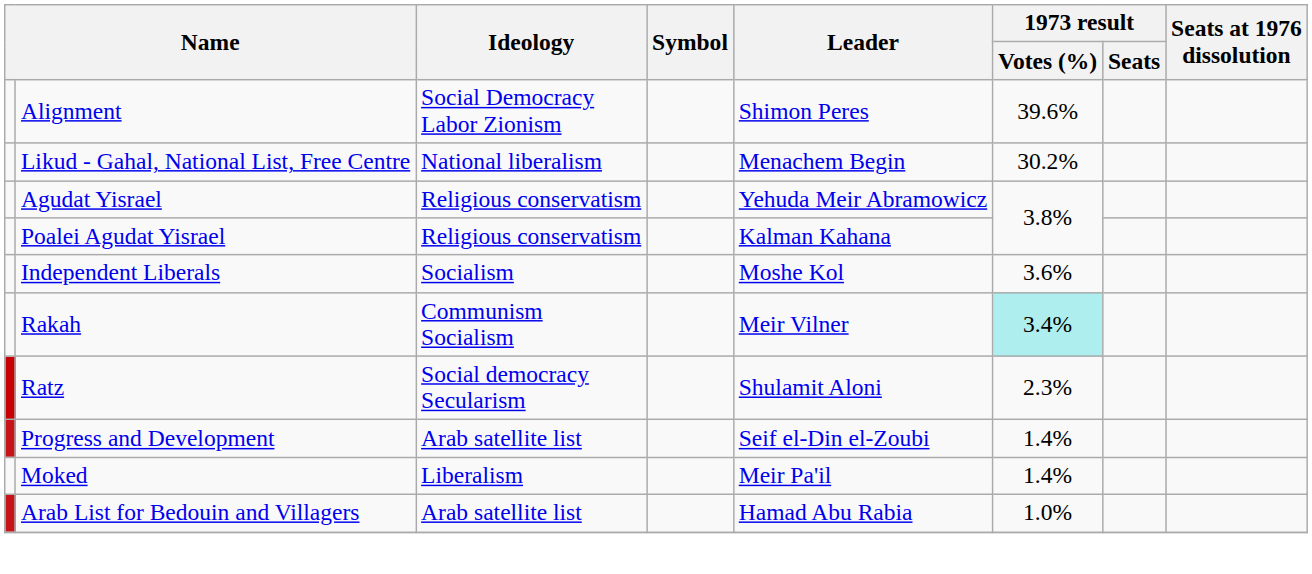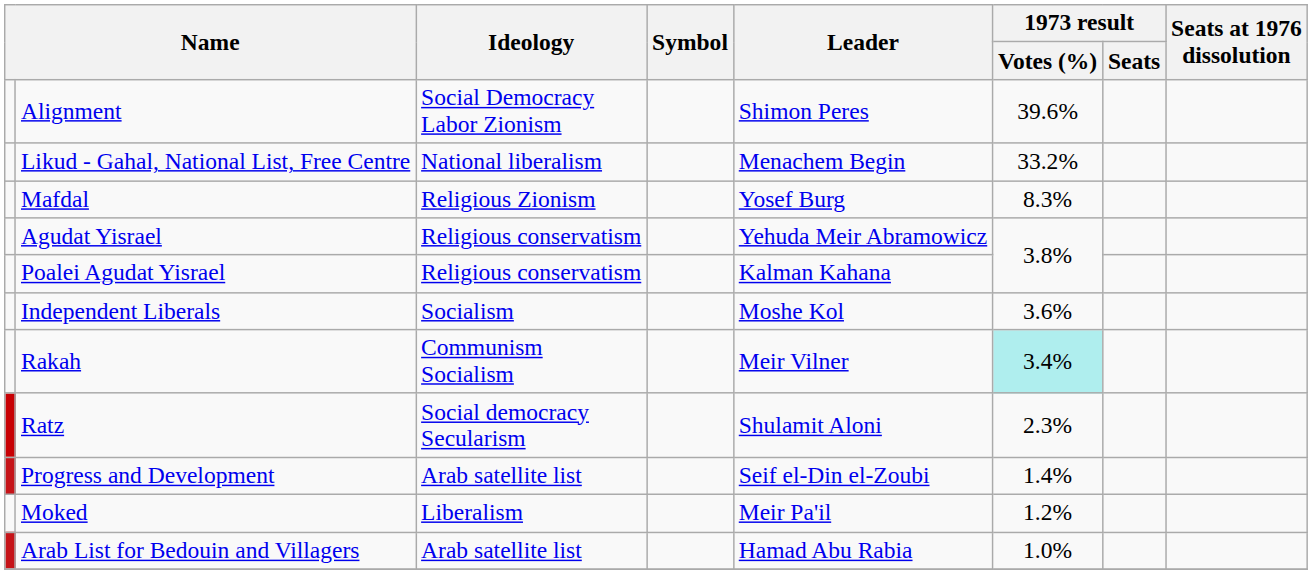 <table class="wikitable">
 <tr>
 <th rowspan="2" colspan=2>Name</th>
 <th rowspan="2">Ideology</th>
 <th rowspan="2">Symbol</th>
 <th rowspan="2">Leader</th>
 <th colspan="2">1973 result</th>
 <th rowspan="2">Seats at 1976<br>dissolution</th>
 </tr>
 <tr>
 <th>Votes (%)</th>
 <th>Seats</th>
 </tr>
 <tr>
 <td style="background:"></td>
 <td><a href='#'>Alignment</a></td>
 <td><a href='#'>Social Democracy</a><br><a href='#'>Labor Zionism</a></td>
 <td></td>
 <td><a href='#'>Shimon Peres</a></td>
 <td style="text-align:center;">39.6%</td>
 <td></td>
 <td></td>
 </tr>
 <tr>
 <td style="background:"></td>
 <td><a href='#'>Likud - Gahal, National List, Free Centre</a></td>
 <td><a href='#'>National liberalism</a></td>
 <td></td>
 <td><a href='#'>Menachem Begin</a></td>
-<td style="text-align:center;" rowspan=1>30.2%</td>
+<td style="text-align:center;" rowspan=1>33.2%</td>
+<td></td>
+<td></td>
+</tr>
+<tr>
+<td style="background:"></td>
+<td><a href='#'>Mafdal</a></td>
+<td><a href='#'>Religious Zionism</a></td>
+<td></td>
+<td><a href='#'>Yosef Burg</a></td>
+<td style="text-align:center;">8.3%</td>
 <td></td>
 <td></td>
 </tr>
 <tr>
 <td style="background:"></td>
 <td><a href='#'>Agudat Yisrael</a></td>
 <td><a href='#'>Religious conservatism</a></td>
 <td></td>
 <td><a href='#'>Yehuda Meir Abramowicz</a></td>
 <td style="text-align:center;"rowspan=2>3.8%</td>
 <td></td>
 <td></td>
 </tr>
 <tr>
 <td style="background:"></td>
 <td><a href='#'>Poalei Agudat Yisrael</a></td>
 <td><a href='#'>Religious conservatism</a></td>
 <td></td>
 <td><a href='#'>Kalman Kahana</a></td>
 <td></td>
 <td></td>
 </tr>
 <tr>
 <td style="background:"></td>
 <td><a href='#'>Independent Liberals</a></td>
 <td><a href='#'>Socialism</a></td>
 <td></td>
 <td><a href='#'>Moshe Kol</a></td>
 <td style="text-align:center;">3.6%</td>
 <td></td>
 <td></td>
 </tr>
 <tr>
 <td style="background:"></td>
 <td><a href='#'>Rakah</a></td>
 <td><a href='#'>Communism</a><br><a href='#'>Socialism</a></td>
 <td></td>
 <td><a href='#'>Meir Vilner</a></td>
 <td style="background: paleturquoise; text-align:center;">3.4%</td>
 <td></td>
 <td></td>
 </tr>
 <tr>
 <td style="background:#C80004;"></td>
 <td><a href='#'>Ratz</a></td>
 <td><a href='#'>Social democracy</a><br><a href='#'>Secularism</a></td>
 <td></td>
 <td><a href='#'>Shulamit Aloni</a></td>
 <td style="text-align:center;">2.3%</td>
 <td></td>
 <td></td>
 </tr>
 <tr>
 <td style="background:#C61318;"></td>
 <td><a href='#'>Progress and Development</a></td>
 <td><a href='#'>Arab satellite list</a></td>
 <td></td>
 <td><a href='#'>Seif el-Din el-Zoubi</a></td>
 <td style="text-align:center;">1.4%</td>
 <td></td>
 <td></td>
 </tr>
 <tr>
 <td style="background:"></td>
 <td><a href='#'>Moked</a></td>
 <td><a href='#'>Liberalism</a></td>
 <td></td>
 <td><a href='#'>Meir Pa'il</a></td>
-<td style="text-align:center;">1.4%</td>
+<td style="text-align:center;">1.2%</td>
 <td></td>
 <td></td>
 </tr>
 <tr>
 <td style="background:#C61318;"></td>
 <td><a href='#'>Arab List for Bedouin and Villagers</a></td>
 <td><a href='#'>Arab satellite list</a></td>
 <td></td>
 <td><a href='#'>Hamad Abu Rabia</a></td>
 <td style="text-align:center;">1.0%</td>
 <td></td>
 <td></td>
 </tr>
 <tr>
 </tr>
 </table>
